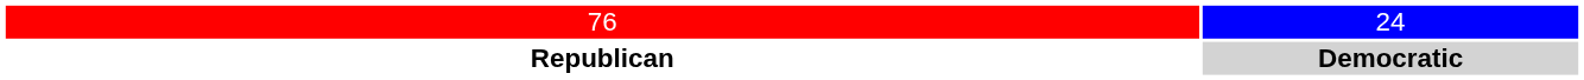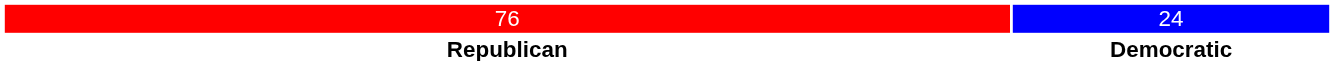 <table style="width:60%; text-align:center;">
 <tr style="color:white;">
 <td style="background:red; width:76.0%;">76</td>
 <td style="background:blue; width:24.0%;">24</td>
 </tr>
 <tr>
 <td><span><strong>Republican</strong></span></td>
-<td style="background: lightgrey;"><span><strong>Democratic</strong></span></td>
+<td><span><strong>Democratic</strong></span></td>
 </tr>
 </table>
